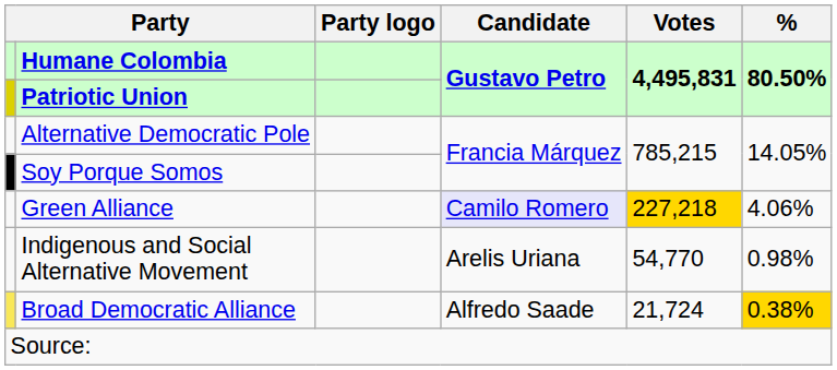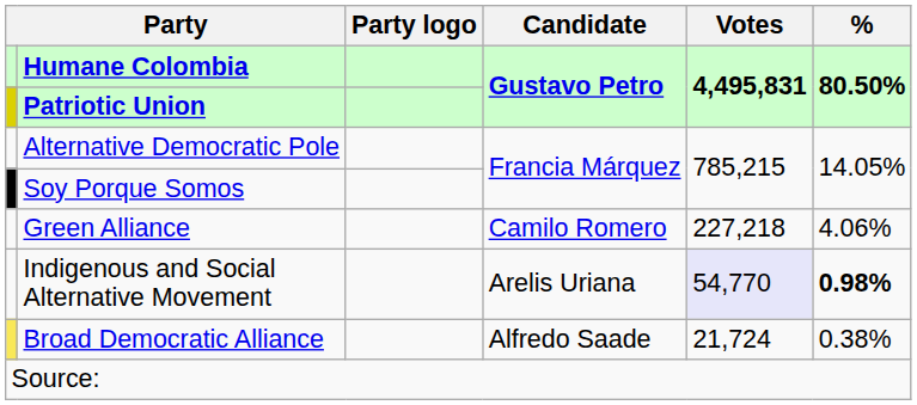 <table class="wikitable">
 <tr>
 <th colspan="2">Party</th>
 <th>Party logo</th>
 <th>Candidate</th>
 <th>Votes</th>
 <th>%</th>
 </tr>
 <tr style="background:#cfc;"|>
 <td bgcolor=></td>
 <td><strong><a href='#'>Humane Colombia</a></strong></td>
 <td></td>
 <td rowspan="2"><strong><a href='#'>Gustavo Petro</a></strong></td>
 <td rowspan="2"><strong>4,495,831</strong></td>
 <td rowspan="2"><strong>80.50%</strong></td>
 </tr>
 <tr style="background:#cfc;"|>
 <td style="background:#dbd100;"></td>
 <td><strong><a href='#'>Patriotic Union</a></strong></td>
 <td></td>
 </tr>
 <tr>
 <td bgcolor=></td>
 <td><a href='#'>Alternative Democratic Pole</a></td>
 <td></td>
 <td rowspan="2"><a href='#'>Francia Márquez</a></td>
 <td rowspan="2">785,215</td>
 <td rowspan="2">14.05%</td>
 </tr>
 <tr>
 <td style="background:#000000;"></td>
 <td><a href='#'>Soy Porque Somos</a></td>
 <td></td>
 </tr>
 <tr>
 <td bgcolor=></td>
 <td><a href='#'>Green Alliance</a></td>
 <td></td>
-<td style="background: lavender;"><a href='#'>Camilo Romero</a></td>
-<td style="background: gold;">227,218</td>
+<td><a href='#'>Camilo Romero</a></td>
+<td>227,218</td>
 <td>4.06%</td>
 </tr>
 <tr>
 <td bgcolor=></td>
 <td>Indigenous and Social<br> Alternative Movement</td>
 <td></td>
 <td>Arelis Uriana</td>
-<td>54,770</td>
-<td>0.98%</td>
+<td style="background: lavender;">54,770</td>
+<td><strong>0.98%</strong></td>
 </tr>
 <tr>
 <td style="background:#f9e858;"></td>
 <td><a href='#'>Broad Democratic Alliance</a></td>
 <td></td>
 <td>Alfredo Saade</td>
 <td>21,724</td>
-<td style="background: gold;">0.38%</td>
+<td>0.38%</td>
 </tr>
 <tr>
 <td colspan=6>Source:</td>
 </tr>
 </table>
